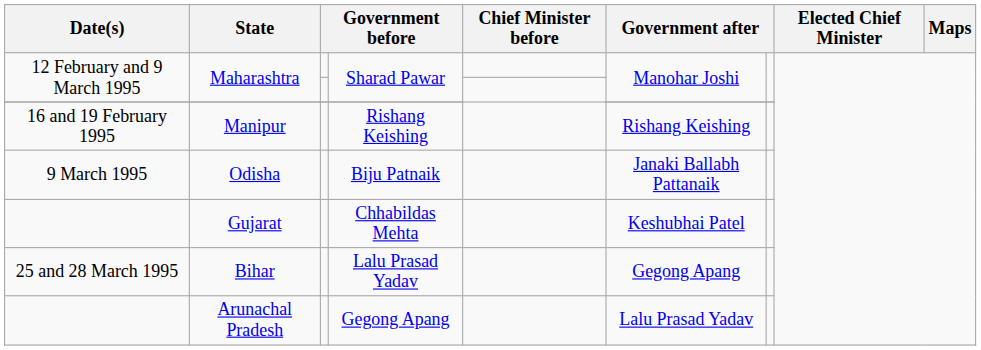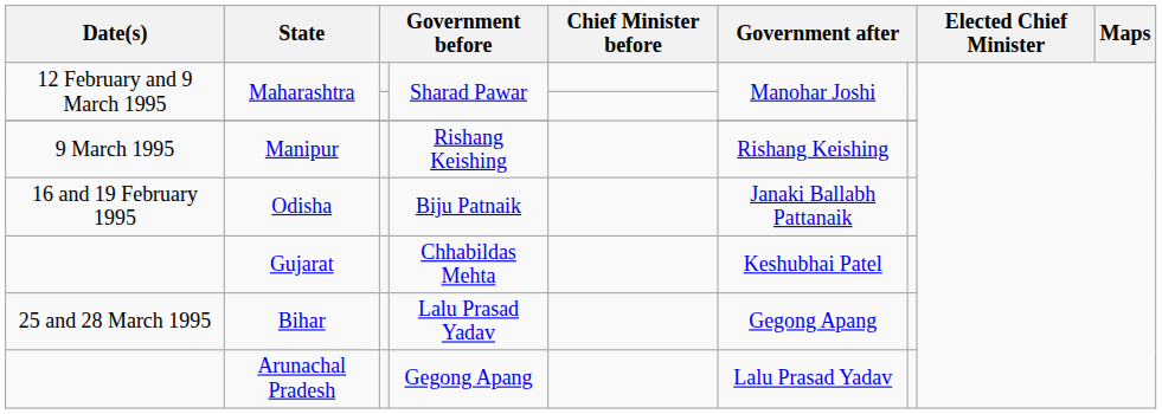 <table class="wikitable" style="text-align:center;">
 <tr>
 <th>Date(s)</th>
 <th>State</th>
 <th colspan="2">Government before</th>
 <th>Chief Minister before</th>
 <th colspan="2">Government after</th>
 <th>Elected Chief Minister</th>
 <th>Maps</th>
 </tr>
 <tr>
 <td rowspan="2">12 February and 9 March 1995</td>
 <td rowspan="2"><a href='#'>Maharashtra</a></td>
 <td></td>
 <td rowspan="2"><a href='#'>Sharad Pawar</a></td>
 <td></td>
 <td rowspan="2"><a href='#'>Manohar Joshi</a></td>
 <td rowspan="2"></td>
 </tr>
 <tr>
 <td></td>
 </tr>
 <tr>
 </tr>
 <tr>
-<td>16 and 19 February 1995</td>
+<td>9 March 1995</td>
 <td><a href='#'>Manipur</a></td>
 <td></td>
 <td><a href='#'>Rishang Keishing</a></td>
 <td></td>
 <td><a href='#'>Rishang Keishing</a></td>
 <td></td>
 </tr>
 <tr>
-<td>9 March 1995</td>
+<td>16 and 19 February 1995</td>
 <td><a href='#'>Odisha</a></td>
 <td></td>
 <td><a href='#'>Biju Patnaik</a></td>
 <td></td>
 <td><a href='#'>Janaki Ballabh Pattanaik</a></td>
 <td></td>
 </tr>
 <tr>
 <td></td>
 <td><a href='#'>Gujarat</a></td>
 <td></td>
 <td><a href='#'>Chhabildas Mehta</a></td>
 <td></td>
 <td><a href='#'>Keshubhai Patel</a></td>
 <td></td>
 </tr>
 <tr>
 <td>25 and 28 March 1995</td>
 <td><a href='#'>Bihar</a></td>
 <td></td>
 <td><a href='#'>Lalu Prasad Yadav</a></td>
 <td></td>
 <td><a href='#'>Gegong Apang</a></td>
 <td></td>
 </tr>
 <tr>
 <td></td>
 <td><a href='#'>Arunachal Pradesh</a></td>
 <td></td>
 <td><a href='#'>Gegong Apang</a></td>
 <td></td>
 <td><a href='#'>Lalu Prasad Yadav</a></td>
 <td></td>
 </tr>
 </table>
